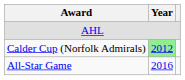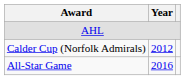 <table class="wikitable">
 <tr>
 <th>Award</th>
 <th>Year</th>
 <th></th>
 </tr>
 <tr ALIGN="center" bgcolor="#e0e0e0">
 <td colspan="3"><a href='#'>AHL</a></td>
 </tr>
 <tr>
 <td><a href='#'>Calder Cup</a> (Norfolk Admirals)</td>
-<td style="background: lightgreen;"><a href='#'>2012</a></td>
+<td><a href='#'>2012</a></td>
 <td></td>
 </tr>
 <tr>
 <td><a href='#'>All-Star Game</a></td>
 <td><a href='#'>2016</a></td>
 <td></td>
 </tr>
 </table>
